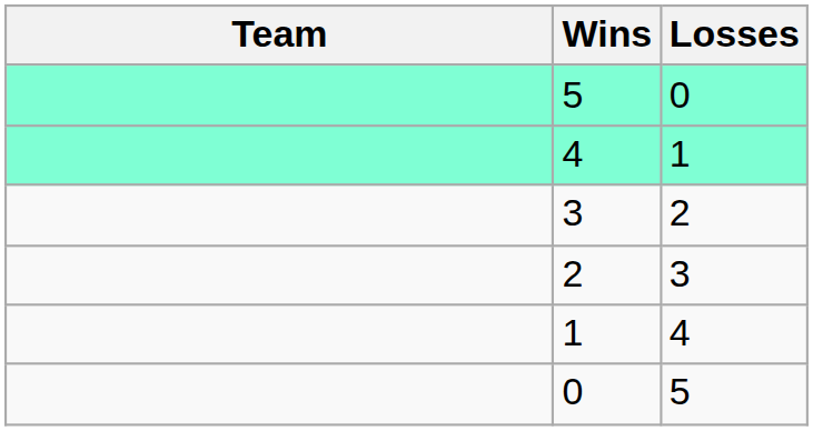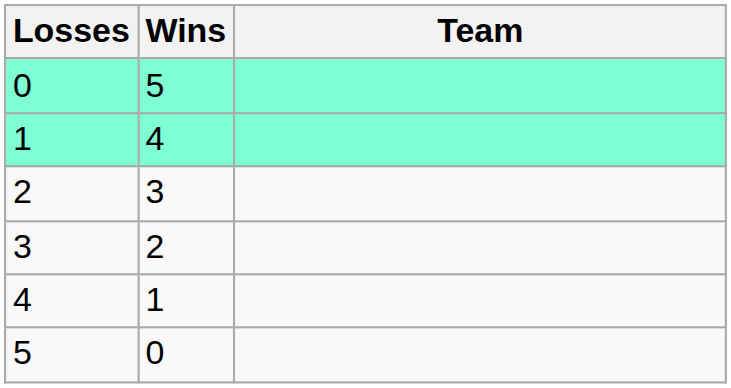 <table class="wikitable">
 <tr>
+<th>Losses</th>
+<th>Wins</th>
 <th width=225>Team</th>
-<th>Wins</th>
-<th>Losses</th>
 </tr>
 <tr style="background:#7FFFD4">
+<td>0</td>
+<td>5</td>
 <td></td>
+</tr>
+<tr style="background:#7FFFD4 ">
+<td>1</td>
+<td>4</td>
+<td></td>
+</tr>
+<tr>
+<td>2</td>
+<td>3</td>
+<td></td>
+</tr>
+<tr>
+<td>3</td>
+<td>2</td>
+<td></td>
+</tr>
+<tr>
+<td>4</td>
+<td>1</td>
+<td></td>
+</tr>
+<tr>
 <td>5</td>
 <td>0</td>
-</tr>
-<tr style="background:#7FFFD4 ">
 <td></td>
-<td>4</td>
-<td>1</td>
-</tr>
-<tr>
-<td></td>
-<td>3</td>
-<td>2</td>
-</tr>
-<tr>
-<td></td>
-<td>2</td>
-<td>3</td>
-</tr>
-<tr>
-<td></td>
-<td>1</td>
-<td>4</td>
-</tr>
-<tr>
-<td></td>
-<td>0</td>
-<td>5</td>
 </tr>
 </table>
